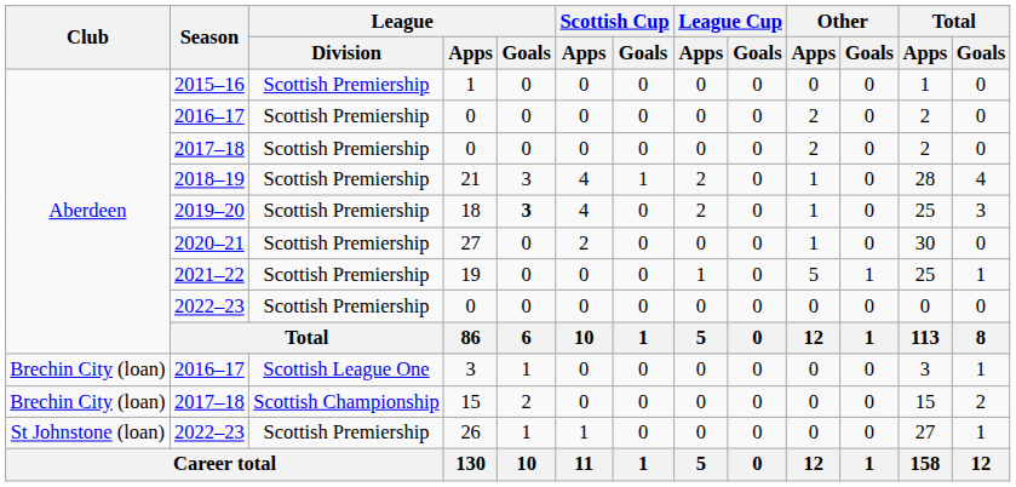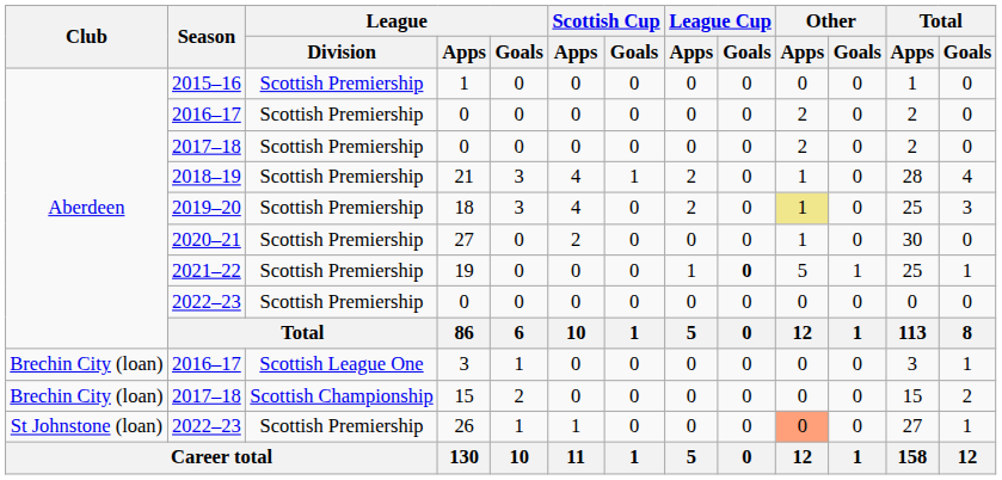 <table class="wikitable" style="text-align: center">
 <tr>
 <th rowspan="2">Club</th>
 <th rowspan="2">Season</th>
 <th colspan="3">League</th>
 <th colspan="2"><a href='#'>Scottish Cup</a></th>
 <th colspan="2"><a href='#'>League Cup</a></th>
 <th colspan="2">Other</th>
 <th colspan="2">Total</th>
 </tr>
 <tr>
 <th>Division</th>
 <th>Apps</th>
 <th>Goals</th>
 <th>Apps</th>
 <th>Goals</th>
 <th>Apps</th>
 <th>Goals</th>
 <th>Apps</th>
 <th>Goals</th>
 <th>Apps</th>
 <th>Goals</th>
 </tr>
 <tr>
 <td rowspan="9"><a href='#'>Aberdeen</a></td>
 <td><a href='#'>2015–16</a></td>
 <td><a href='#'>Scottish Premiership</a></td>
 <td>1</td>
 <td>0</td>
 <td>0</td>
 <td>0</td>
 <td>0</td>
 <td>0</td>
 <td>0</td>
 <td>0</td>
 <td>1</td>
 <td>0</td>
 </tr>
 <tr>
 <td><a href='#'>2016–17</a></td>
 <td>Scottish Premiership</td>
 <td>0</td>
 <td>0</td>
 <td>0</td>
 <td>0</td>
 <td>0</td>
 <td>0</td>
 <td>2</td>
 <td>0</td>
 <td>2</td>
 <td>0</td>
 </tr>
 <tr>
 <td><a href='#'>2017–18</a></td>
 <td>Scottish Premiership</td>
 <td>0</td>
 <td>0</td>
 <td>0</td>
 <td>0</td>
 <td>0</td>
 <td>0</td>
 <td>2</td>
 <td>0</td>
 <td>2</td>
 <td>0</td>
 </tr>
 <tr>
 <td><a href='#'>2018–19</a></td>
 <td>Scottish Premiership</td>
 <td>21</td>
 <td>3</td>
 <td>4</td>
 <td>1</td>
 <td>2</td>
 <td>0</td>
 <td>1</td>
 <td>0</td>
 <td>28</td>
 <td>4</td>
 </tr>
 <tr>
 <td><a href='#'>2019–20</a></td>
 <td>Scottish Premiership</td>
 <td>18</td>
-<td><strong>3</strong></td>
+<td>3</td>
 <td>4</td>
 <td>0</td>
 <td>2</td>
 <td>0</td>
-<td>1</td>
+<td style="background: khaki;">1</td>
 <td>0</td>
 <td>25</td>
 <td>3</td>
 </tr>
 <tr>
 <td><a href='#'>2020–21</a></td>
 <td>Scottish Premiership</td>
 <td>27</td>
 <td>0</td>
 <td>2</td>
 <td>0</td>
 <td>0</td>
 <td>0</td>
 <td>1</td>
 <td>0</td>
 <td>30</td>
 <td>0</td>
 </tr>
 <tr>
 <td><a href='#'>2021–22</a></td>
 <td>Scottish Premiership</td>
 <td>19</td>
 <td>0</td>
 <td>0</td>
 <td>0</td>
 <td>1</td>
-<td>0</td>
+<td><strong>0</strong></td>
 <td>5</td>
 <td>1</td>
 <td>25</td>
 <td>1</td>
 </tr>
 <tr>
 <td><a href='#'>2022–23</a></td>
 <td>Scottish Premiership</td>
 <td>0</td>
 <td>0</td>
 <td>0</td>
 <td>0</td>
 <td>0</td>
 <td>0</td>
 <td>0</td>
 <td>0</td>
 <td>0</td>
 <td>0</td>
 </tr>
 <tr>
 <th colspan="2">Total</th>
 <th>86</th>
 <th>6</th>
 <th>10</th>
 <th>1</th>
 <th>5</th>
 <th>0</th>
 <th>12</th>
 <th>1</th>
 <th>113</th>
 <th>8</th>
 </tr>
 <tr>
 <td><a href='#'>Brechin City</a> (loan)</td>
 <td><a href='#'>2016–17</a></td>
 <td><a href='#'>Scottish League One</a></td>
 <td>3</td>
 <td>1</td>
 <td>0</td>
 <td>0</td>
 <td>0</td>
 <td>0</td>
 <td>0</td>
 <td>0</td>
 <td>3</td>
 <td>1</td>
 </tr>
 <tr>
 <td><a href='#'>Brechin City</a> (loan)</td>
 <td><a href='#'>2017–18</a></td>
 <td><a href='#'>Scottish Championship</a></td>
 <td>15</td>
 <td>2</td>
 <td>0</td>
 <td>0</td>
 <td>0</td>
 <td>0</td>
 <td>0</td>
 <td>0</td>
 <td>15</td>
 <td>2</td>
 </tr>
 <tr>
 <td><a href='#'>St Johnstone</a> (loan)</td>
 <td><a href='#'>2022–23</a></td>
 <td>Scottish Premiership</td>
 <td>26</td>
 <td>1</td>
 <td>1</td>
 <td>0</td>
 <td>0</td>
 <td>0</td>
-<td>0</td>
+<td style="background: lightsalmon;">0</td>
 <td>0</td>
 <td>27</td>
 <td>1</td>
 </tr>
 <tr>
 <th colspan="3">Career total</th>
 <th>130</th>
 <th>10</th>
 <th>11</th>
 <th>1</th>
 <th>5</th>
 <th>0</th>
 <th>12</th>
 <th>1</th>
 <th>158</th>
 <th>12</th>
 </tr>
 </table>
